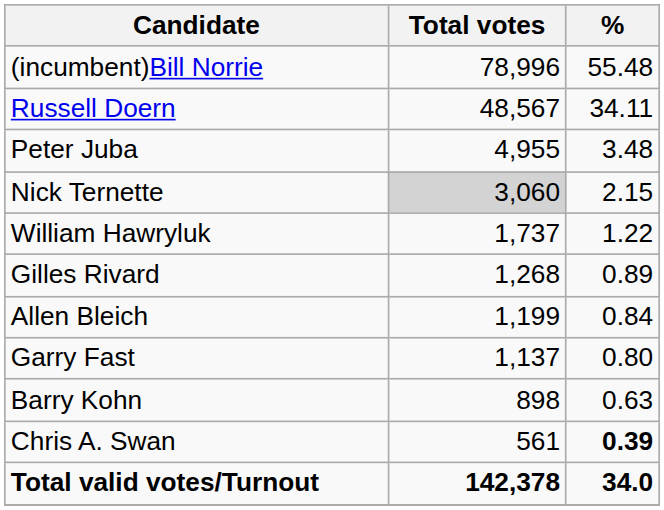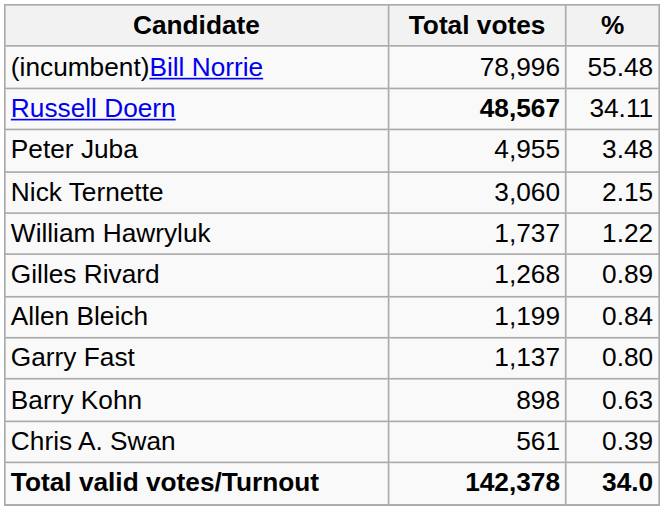 <table class="wikitable" width="400">
 <tr>
 <th align="left">Candidate</th>
 <th align="right">Total votes</th>
 <th align="right">%</th>
 </tr>
 <tr>
 <td align="left">(incumbent)<a href='#'>Bill Norrie</a></td>
 <td align="right">78,996</td>
 <td align="right">55.48</td>
 </tr>
 <tr>
 <td align="left"><a href='#'>Russell Doern</a></td>
-<td align="right">48,567</td>
+<td align="right"><strong>48,567</strong></td>
 <td align="right">34.11</td>
 </tr>
 <tr>
 <td align="left">Peter Juba</td>
 <td align="right">4,955</td>
 <td align="right">3.48</td>
 </tr>
 <tr>
 <td align="left">Nick Ternette</td>
-<td align="right" style="background: lightgrey;">3,060</td>
+<td align="right">3,060</td>
 <td align="right">2.15</td>
 </tr>
 <tr>
 <td align="left">William Hawryluk</td>
 <td align="right">1,737</td>
 <td align="right">1.22</td>
 </tr>
 <tr>
 <td align="left">Gilles Rivard</td>
 <td align="right">1,268</td>
 <td align="right">0.89</td>
 </tr>
 <tr>
 <td align="left">Allen Bleich</td>
 <td align="right">1,199</td>
 <td align="right">0.84</td>
 </tr>
 <tr>
 <td align="left">Garry Fast</td>
 <td align="right">1,137</td>
 <td align="right">0.80</td>
 </tr>
 <tr>
 <td align="left">Barry Kohn</td>
 <td align="right">898</td>
 <td align="right">0.63</td>
 </tr>
 <tr>
 <td align="left">Chris A. Swan</td>
 <td align="right">561</td>
-<td align="right"><strong>0.39</strong></td>
+<td align="right">0.39</td>
 </tr>
 <tr>
 <td align="left"><strong>Total valid votes/Turnout</strong></td>
 <td align="right"><strong>142,378</strong></td>
 <td align="right"><strong>34.0</strong></td>
 </tr>
 <tr>
 </tr>
 </table>
